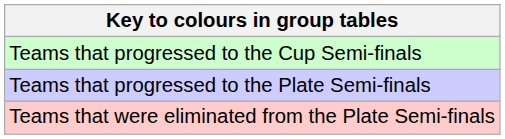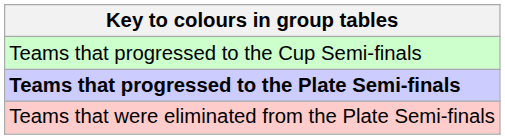 <table class="wikitable">
 <tr>
 <th>Key to colours in group tables</th>
 </tr>
 <tr bgcolor=#ccffcc>
 <td>Teams that progressed to the Cup Semi-finals</td>
 </tr>
 <tr bgcolor=#ccccff>
-<td>Teams that progressed to the Plate Semi-finals</td>
+<td><strong>Teams that progressed to the Plate Semi-finals</strong></td>
 </tr>
 <tr bgcolor="#ffcccc">
 <td>Teams that were eliminated from the Plate Semi-finals</td>
 </tr>
 </table>
